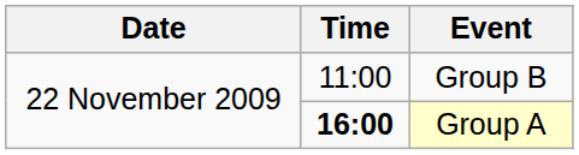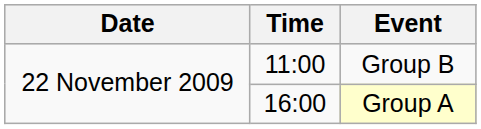 <table class = "wikitable" style="text-align:center;">
 <tr>
 <th width=150>Date</th>
 <th width=50>Time</th>
 <th width=80>Event</th>
 </tr>
 <tr>
 <td rowspan=2>22 November 2009</td>
 <td>11:00</td>
 <td>Group B</td>
 </tr>
 <tr>
-<td><strong>16:00</strong></td>
+<td>16:00</td>
 <td bgcolor=ffffcc>Group A</td>
 </tr>
 </table>
